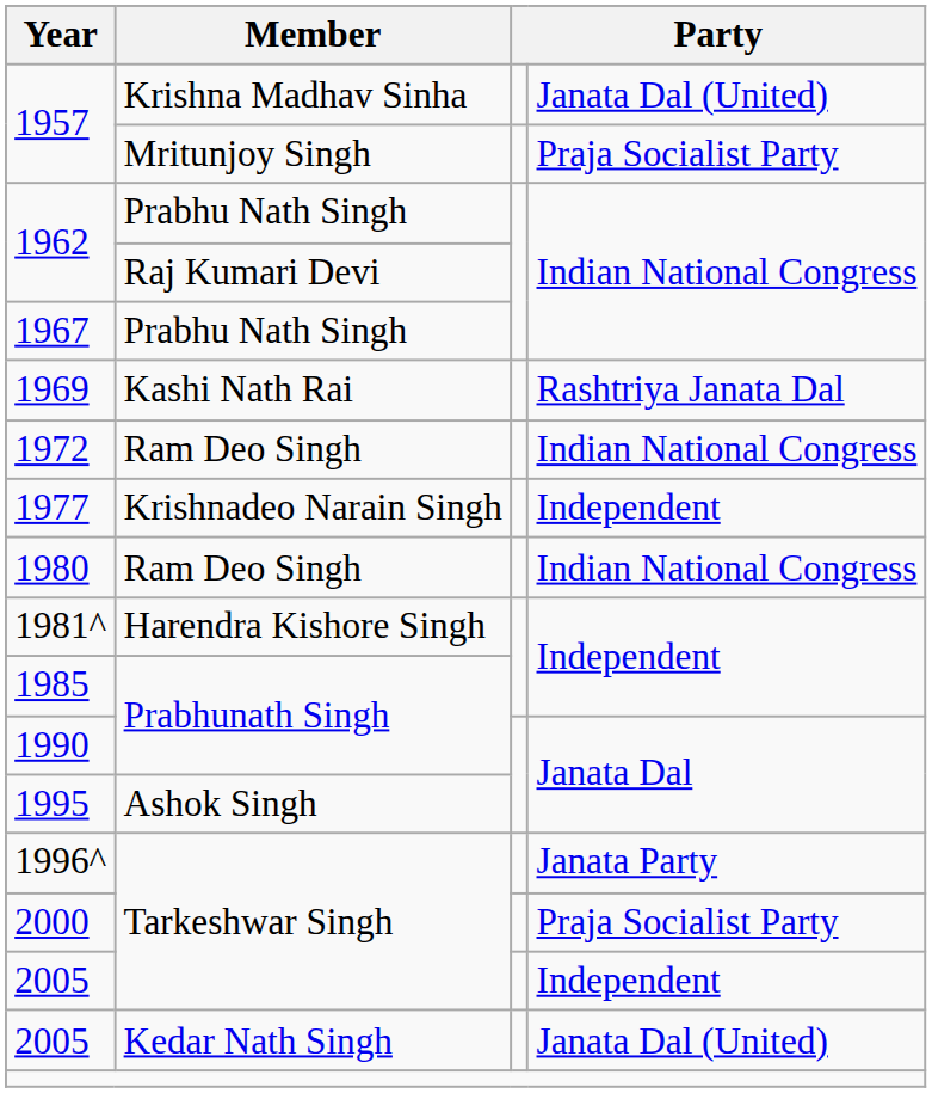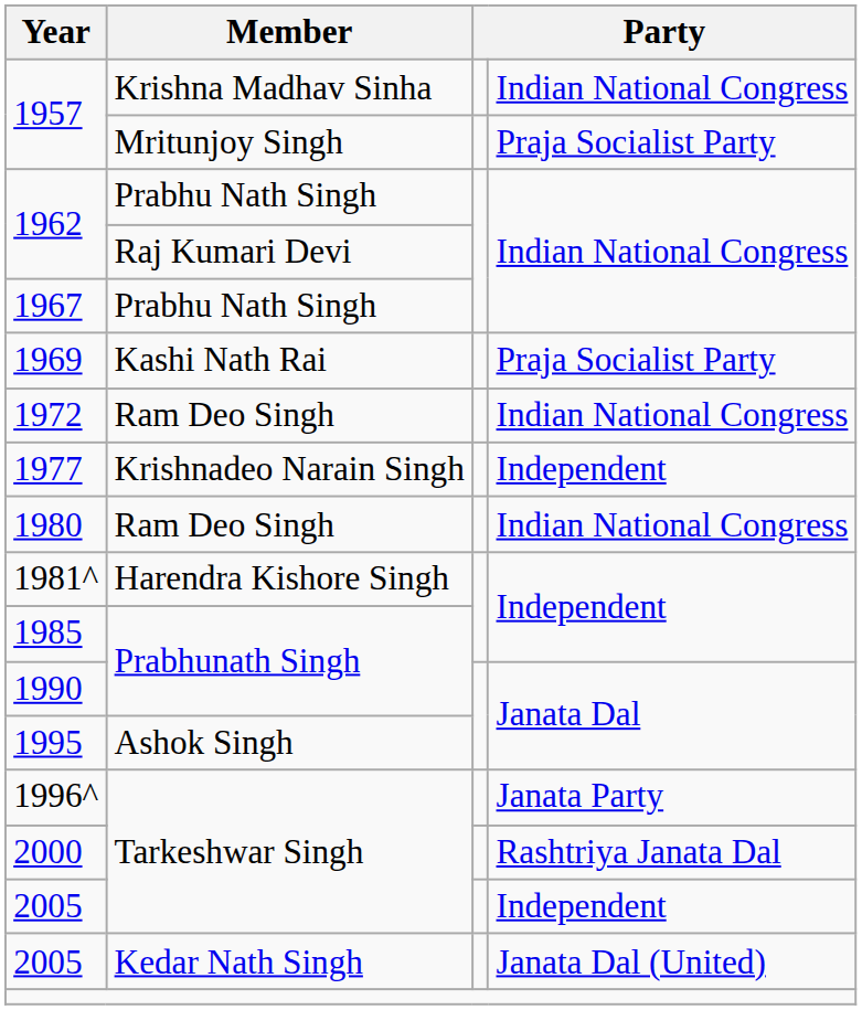 <table class="wikitable">
 <tr>
 <th>Year</th>
 <th>Member</th>
 <th colspan="2">Party</th>
 </tr>
 <tr>
 <td rowspan="2"><a href='#'>1957</a></td>
 <td>Krishna Madhav Sinha</td>
 <td style="background-color:"></td>
-<td><a href='#'>Janata Dal (United)</a></td>
+<td><a href='#'>Indian National Congress</a></td>
 </tr>
 <tr>
 <td>Mritunjoy Singh</td>
 <td style="background-color:"></td>
 <td><a href='#'>Praja Socialist Party</a></td>
 </tr>
 <tr>
 <td rowspan="2"><a href='#'>1962</a></td>
 <td>Prabhu Nath Singh</td>
 <td rowspan="3" style="background-color:"></td>
 <td rowspan="3"><a href='#'>Indian National Congress</a></td>
 </tr>
 <tr>
 <td>Raj Kumari Devi</td>
 </tr>
 <tr>
 <td><a href='#'>1967</a></td>
 <td>Prabhu Nath Singh</td>
 </tr>
 <tr>
 <td><a href='#'>1969</a></td>
 <td>Kashi Nath Rai</td>
 <td style="background-color:"></td>
-<td><a href='#'>Rashtriya Janata Dal</a></td>
+<td><a href='#'>Praja Socialist Party</a></td>
 </tr>
 <tr>
 <td><a href='#'>1972</a></td>
 <td>Ram Deo Singh</td>
 <td style="background-color:"></td>
 <td><a href='#'>Indian National Congress</a></td>
 </tr>
 <tr>
 <td><a href='#'>1977</a></td>
 <td>Krishnadeo Narain Singh</td>
 <td style="background-color:"></td>
 <td><a href='#'>Independent</a></td>
 </tr>
 <tr>
 <td><a href='#'>1980</a></td>
 <td>Ram Deo Singh</td>
 <td style="background-color:"></td>
 <td><a href='#'>Indian National Congress</a></td>
 </tr>
 <tr>
 <td>1981^</td>
 <td>Harendra Kishore Singh</td>
 <td rowspan="2" style="background-color:"></td>
 <td rowspan="2"><a href='#'>Independent</a></td>
 </tr>
 <tr>
 <td><a href='#'>1985</a></td>
 <td rowspan="2"><a href='#'>Prabhunath Singh</a></td>
 </tr>
 <tr>
 <td><a href='#'>1990</a></td>
 <td rowspan="2" style="background-color:"></td>
 <td rowspan="2"><a href='#'>Janata Dal</a></td>
 </tr>
 <tr>
 <td><a href='#'>1995</a></td>
 <td>Ashok Singh</td>
 </tr>
 <tr>
 <td>1996^</td>
 <td rowspan="3">Tarkeshwar Singh</td>
 <td style="background-color:"></td>
 <td><a href='#'>Janata Party</a></td>
 </tr>
 <tr>
 <td><a href='#'>2000</a></td>
 <td style="background-color:"></td>
-<td><a href='#'>Praja Socialist Party</a></td>
+<td><a href='#'>Rashtriya Janata Dal</a></td>
 </tr>
 <tr>
 <td><a href='#'>2005</a></td>
 <td style="background-color:"></td>
 <td><a href='#'>Independent</a></td>
 </tr>
 <tr>
 <td><a href='#'>2005</a></td>
 <td><a href='#'>Kedar Nath Singh</a></td>
 <td style="background-color:"></td>
 <td><a href='#'>Janata Dal (United)</a></td>
 </tr>
 <tr>
 <td colspan="4"></td>
 </tr>
 </table>
